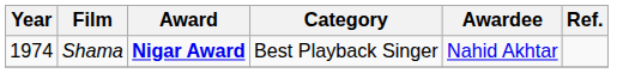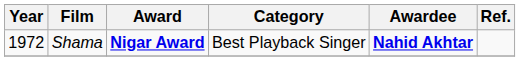 <table class="wikitable">
 <tr>
 <th>Year</th>
 <th>Film</th>
 <th>Award</th>
 <th>Category</th>
 <th>Awardee</th>
 <th>Ref.</th>
 </tr>
 <tr>
-<td>1974</td>
+<td>1972</td>
 <td><em>Shama</em></td>
 <td><strong><a href='#'>Nigar Award</a></strong></td>
 <td>Best Playback Singer</td>
-<td><a href='#'>Nahid Akhtar</a></td>
+<td><strong><a href='#'>Nahid Akhtar</a></strong></td>
 <td></td>
 </tr>
 <tr>
 </tr>
 </table>
